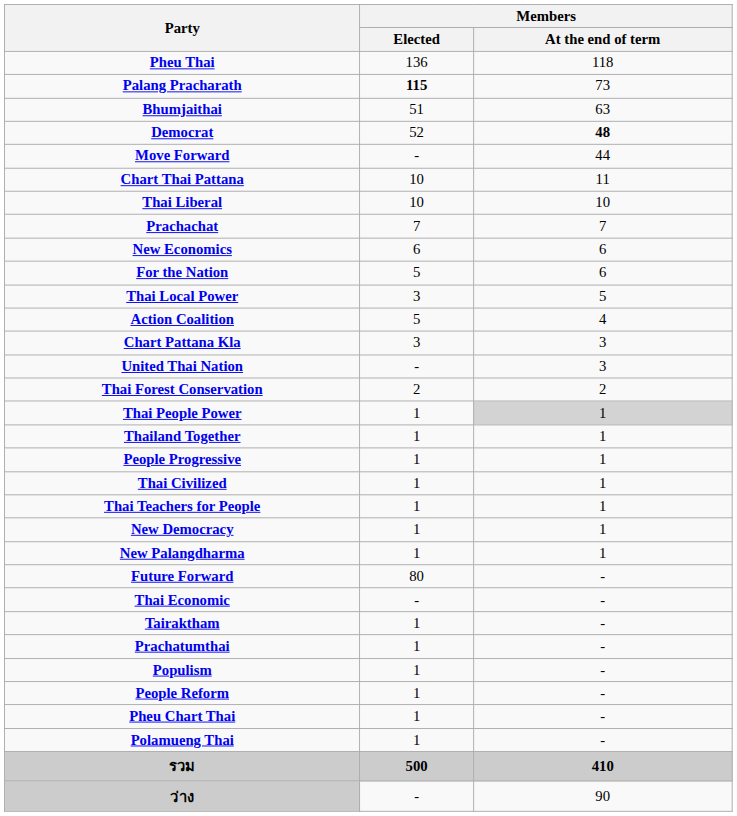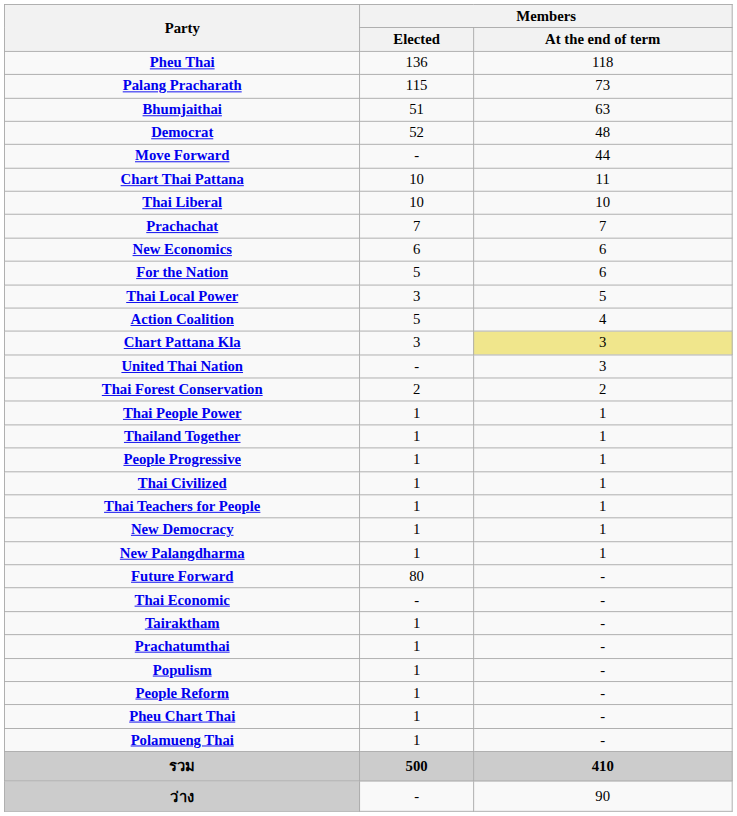 <table class="wikitable" style="text-align:center;" width="50%">
 <tr>
 <th rowspan="2">Party</th>
 <th colspan="2">Members</th>
 </tr>
 <tr>
 <th>Elected</th>
 <th>At the end of term</th>
 </tr>
 <tr>
 <td><strong><a href='#'>Pheu Thai</a></strong></td>
 <td>136</td>
 <td>118</td>
 </tr>
 <tr>
 <td><strong><a href='#'>Palang Pracharath</a></strong></td>
-<td><strong>115</strong></td>
+<td>115</td>
 <td>73</td>
 </tr>
 <tr>
 <td><strong><a href='#'>Bhumjaithai</a></strong></td>
 <td>51</td>
 <td>63</td>
 </tr>
 <tr>
 <td><strong><a href='#'>Democrat</a></strong></td>
 <td>52</td>
-<td><strong>48</strong></td>
+<td>48</td>
 </tr>
 <tr>
 <td><strong><a href='#'>Move Forward</a></strong></td>
 <td>-</td>
 <td>44</td>
 </tr>
 <tr>
 <td><strong><a href='#'>Chart Thai Pattana</a></strong></td>
 <td>10</td>
 <td>11</td>
 </tr>
 <tr>
 <td><strong><a href='#'>Thai Liberal</a></strong></td>
 <td>10</td>
 <td>10</td>
 </tr>
 <tr>
 <td><strong><a href='#'>Prachachat</a></strong></td>
 <td>7</td>
 <td>7</td>
 </tr>
 <tr>
 <td><strong><a href='#'>New Economics</a></strong></td>
 <td>6</td>
 <td>6</td>
 </tr>
 <tr>
 <td><strong><a href='#'>For the Nation</a></strong></td>
 <td>5</td>
 <td>6</td>
 </tr>
 <tr>
 <td><strong><a href='#'>Thai Local Power</a></strong></td>
 <td>3</td>
 <td>5</td>
 </tr>
 <tr>
 <td><strong><a href='#'>Action Coalition</a></strong></td>
 <td>5</td>
 <td>4</td>
 </tr>
 <tr>
 <td><strong><a href='#'>Chart Pattana Kla</a></strong></td>
 <td>3</td>
-<td>3</td>
+<td style="background: khaki;">3</td>
 </tr>
 <tr>
 <td><strong><a href='#'>United Thai Nation</a></strong></td>
 <td>-</td>
 <td>3</td>
 </tr>
 <tr>
 <td><strong><a href='#'>Thai Forest Conservation</a></strong></td>
 <td>2</td>
 <td>2</td>
 </tr>
 <tr>
 <td><strong><a href='#'>Thai People Power</a></strong></td>
 <td>1</td>
-<td style="background: lightgrey;">1</td>
+<td>1</td>
 </tr>
 <tr>
 <td><strong><a href='#'>Thailand Together</a></strong></td>
 <td>1</td>
 <td>1</td>
 </tr>
 <tr>
 <td><strong><a href='#'>People Progressive</a></strong></td>
 <td>1</td>
 <td>1</td>
 </tr>
 <tr>
 <td><strong><a href='#'>Thai Civilized</a></strong></td>
 <td>1</td>
 <td>1</td>
 </tr>
 <tr>
 <td><strong><a href='#'>Thai Teachers for People</a></strong></td>
 <td>1</td>
 <td>1</td>
 </tr>
 <tr>
 <td><strong><a href='#'>New Democracy</a></strong></td>
 <td>1</td>
 <td>1</td>
 </tr>
 <tr>
 <td><strong><a href='#'>New Palangdharma</a></strong></td>
 <td>1</td>
 <td>1</td>
 </tr>
 <tr>
 <td><strong><a href='#'>Future Forward</a></strong></td>
 <td>80</td>
 <td>-</td>
 </tr>
 <tr>
 <td><strong><a href='#'>Thai Economic</a></strong></td>
 <td>-</td>
 <td>-</td>
 </tr>
 <tr>
 <td><strong><a href='#'>Tairaktham</a></strong></td>
 <td>1</td>
 <td>-</td>
 </tr>
 <tr>
 <td><strong><a href='#'>Prachatumthai</a></strong></td>
 <td>1</td>
 <td>-</td>
 </tr>
 <tr>
 <td><strong><a href='#'>Populism</a></strong></td>
 <td>1</td>
 <td>-</td>
 </tr>
 <tr>
 <td><strong><a href='#'>People Reform</a></strong></td>
 <td>1</td>
 <td>-</td>
 </tr>
 <tr>
 <td><strong><a href='#'>Pheu Chart Thai</a></strong></td>
 <td>1</td>
 <td>-</td>
 </tr>
 <tr>
 <td><strong><a href='#'>Polamueng Thai</a></strong></td>
 <td>1</td>
 <td>-</td>
 </tr>
 <tr>
 <td bgcolor="#cccccc"><strong>รวม</strong></td>
 <td bgcolor="#cccccc"><strong>500</strong></td>
 <td bgcolor="#cccccc"><strong>410</strong></td>
 </tr>
 <tr>
 <td bgcolor="#cccccc"><strong>ว่าง</strong></td>
 <td>-</td>
 <td>90</td>
 </tr>
 </table>
